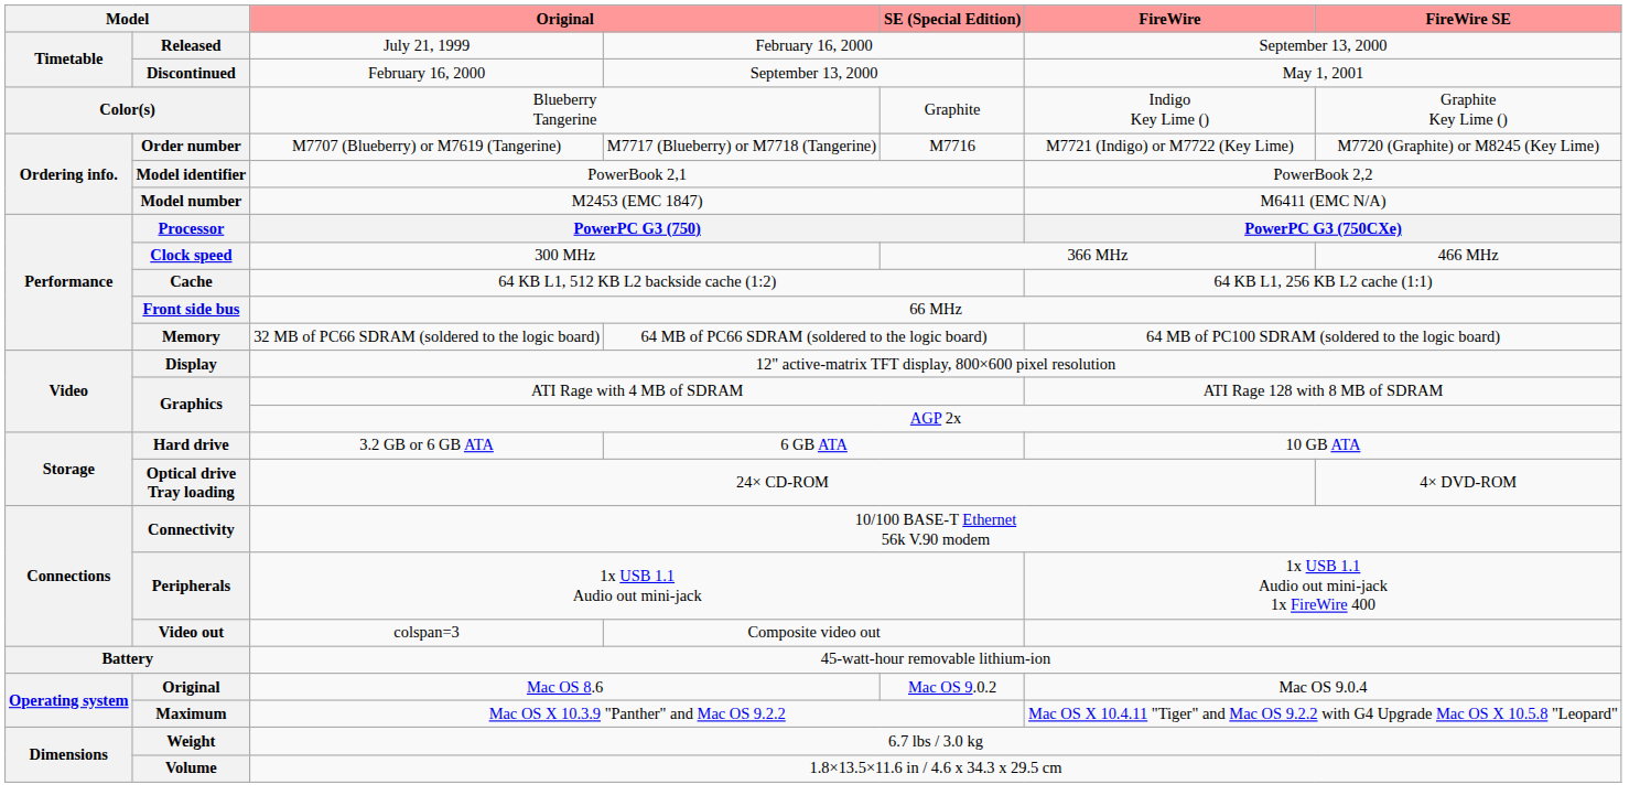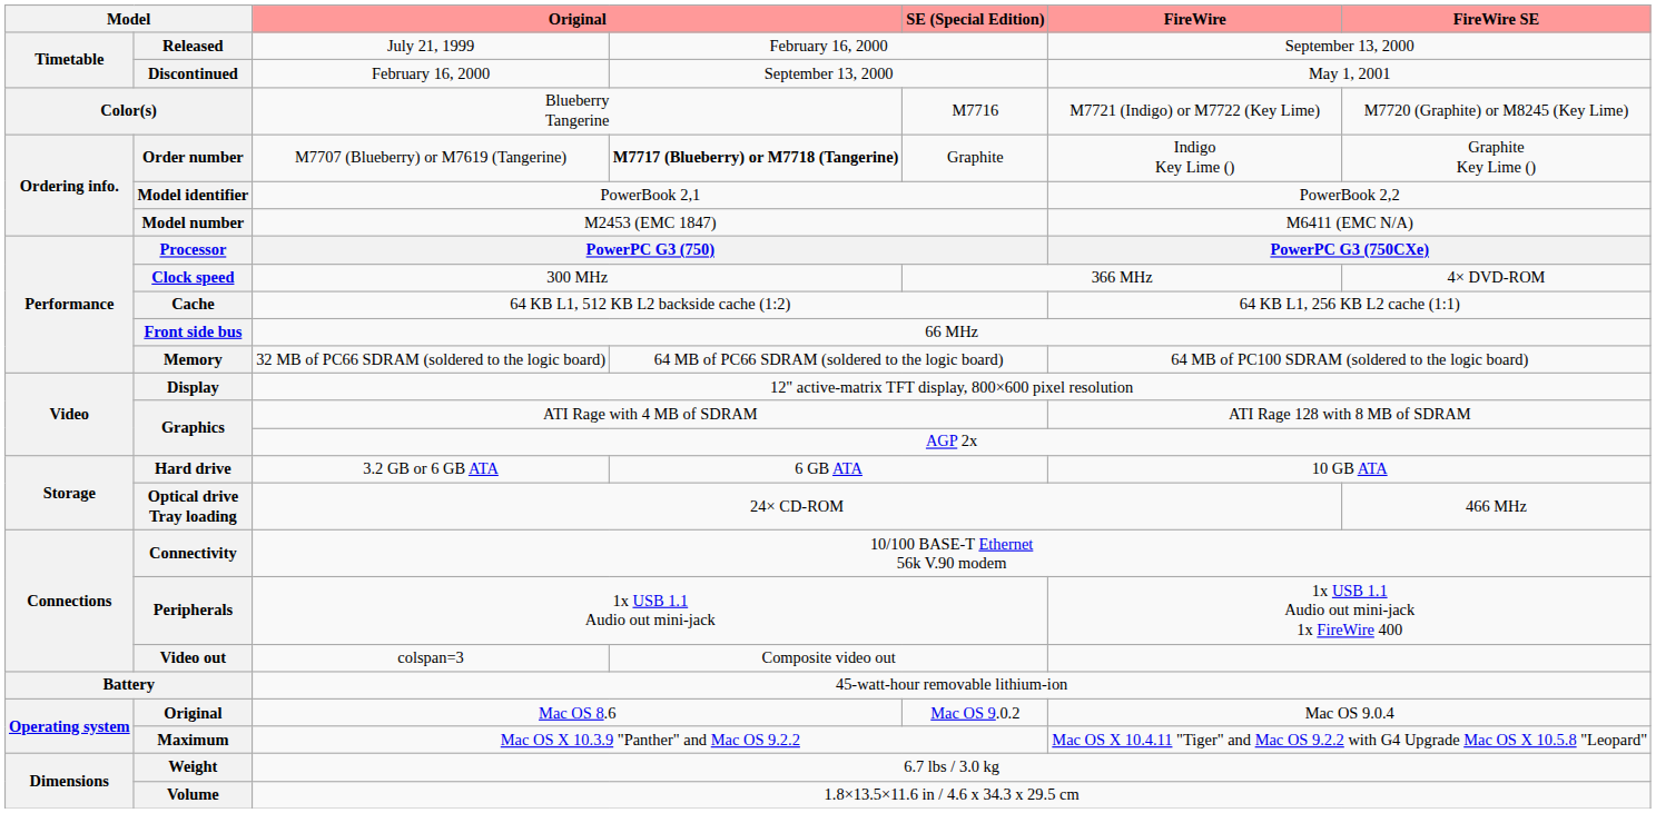 <table class="wikitable mw-collapsible" style="font-size:small; text-align:center">
 <tr>
 <th colspan=2>Model</th>
 <th colspan=2 style="background:#FF9999">Original</th>
 <th style="background:#FF9999">SE (Special Edition)</th>
 <th style="background:#FF9999">FireWire</th>
 <th style="background:#FF9999">FireWire SE</th>
 </tr>
 <tr>
 <th rowspan=2>Timetable</th>
 <th>Released</th>
 <td>July 21, 1999</td>
 <td colspan=2>February 16, 2000</td>
 <td colspan=2>September 13, 2000</td>
 </tr>
 <tr>
 <th>Discontinued</th>
 <td>February 16, 2000</td>
 <td colspan=2>September 13, 2000</td>
 <td colspan=3>May 1, 2001</td>
 </tr>
 <tr>
 <th colspan=2>Color(s)</th>
 <td colspan=2> Blueberry<br> Tangerine</td>
-<td> Graphite</td>
-<td> Indigo<br> Key Lime ()</td>
-<td> Graphite<br> Key Lime ()</td>
+<td>M7716</td>
+<td>M7721 (Indigo) or M7722 (Key Lime)</td>
+<td>M7720 (Graphite) or M8245 (Key Lime)</td>
 </tr>
 <tr>
 <th rowspan=3>Ordering info.</th>
 <th>Order number</th>
 <td>M7707 (Blueberry) or M7619 (Tangerine)</td>
-<td>M7717 (Blueberry) or M7718 (Tangerine)</td>
-<td>M7716</td>
-<td>M7721 (Indigo) or M7722 (Key Lime)</td>
-<td>M7720 (Graphite) or M8245 (Key Lime)</td>
+<td><strong>M7717 (Blueberry) or M7718 (Tangerine)</strong></td>
+<td> Graphite</td>
+<td> Indigo<br> Key Lime ()</td>
+<td> Graphite<br> Key Lime ()</td>
 </tr>
 <tr>
 <th>Model identifier</th>
 <td colspan=3>PowerBook 2,1</td>
 <td colspan=2>PowerBook 2,2</td>
 </tr>
 <tr>
 <th>Model number</th>
 <td colspan=3>M2453 (EMC 1847)</td>
 <td colspan=2>M6411 (EMC N/A)</td>
 </tr>
 <tr>
 <th rowspan=5>Performance</th>
 <th><a href='#'>Processor</a></th>
 <th colspan=3><a href='#'>PowerPC G3 (750)</a></th>
 <th colspan=2><a href='#'>PowerPC G3 (750CXe)</a></th>
 </tr>
 <tr>
 <th><a href='#'>Clock speed</a></th>
 <td colspan=2>300 MHz</td>
 <td colspan=2>366 MHz</td>
-<td>466 MHz</td>
+<td>4× DVD-ROM</td>
 </tr>
 <tr>
 <th>Cache</th>
 <td colspan=3>64 KB L1, 512 KB L2 backside cache (1:2)</td>
 <td colspan=2>64 KB L1, 256 KB L2 cache (1:1)</td>
 </tr>
 <tr>
 <th><a href='#'>Front side bus</a></th>
 <td colspan=5>66 MHz</td>
 </tr>
 <tr>
 <th>Memory</th>
 <td>32 MB of PC66 SDRAM (soldered to the logic board)<br></td>
 <td colspan=2>64 MB of PC66 SDRAM (soldered to the logic board)<br></td>
 <td colspan=2>64 MB of PC100 SDRAM (soldered to the logic board)<br></td>
 </tr>
 <tr>
 <th rowspan=3>Video</th>
 <th>Display</th>
 <td colspan=5>12" active-matrix TFT display, 800×600 pixel resolution</td>
 </tr>
 <tr>
 <th rowspan=2>Graphics</th>
 <td colspan=3>ATI Rage with 4 MB of SDRAM</td>
 <td colspan=2>ATI Rage 128 with 8 MB of SDRAM</td>
 </tr>
 <tr>
 <td colspan=5><a href='#'>AGP</a> 2x</td>
 </tr>
 <tr>
 <th rowspan=2>Storage</th>
 <th>Hard drive</th>
 <td>3.2 GB or 6 GB <a href='#'>ATA</a></td>
 <td colspan=2>6 GB <a href='#'>ATA</a></td>
 <td colspan=2>10 GB <a href='#'>ATA</a></td>
 </tr>
 <tr>
 <th>Optical drive<br>Tray loading</th>
 <td colspan=4>24× CD-ROM</td>
-<td>4× DVD-ROM</td>
+<td>466 MHz</td>
 </tr>
 <tr>
 <th rowspan=3>Connections</th>
 <th>Connectivity</th>
 <td colspan=5>10/100 BASE-T <a href='#'>Ethernet</a><br>56k V.90 modem<br></td>
 </tr>
 <tr>
 <th>Peripherals</th>
 <td colspan=3>1x <a href='#'>USB 1.1</a><br>Audio out mini-jack</td>
 <td colspan=2>1x <a href='#'>USB 1.1</a><br>Audio out mini-jack<br>1x <a href='#'>FireWire</a> 400</td>
 </tr>
 <tr>
 <th>Video out</th>
 <td>colspan=3 </td>
 <td colspan=2>Composite video out</td>
 </tr>
 <tr>
 <th colspan=2>Battery</th>
 <td colspan=5>45-watt-hour removable lithium-ion</td>
 </tr>
 <tr>
 <th rowspan=2><a href='#'>Operating system</a></th>
 <th>Original</th>
 <td colspan=2><a href='#'>Mac OS 8</a>.6</td>
 <td><a href='#'>Mac OS 9</a>.0.2</td>
 <td colspan=2>Mac OS 9.0.4</td>
 </tr>
 <tr>
 <th>Maximum</th>
 <td colspan=3><a href='#'>Mac OS X 10.3.9</a> "Panther" and <a href='#'>Mac OS 9.2.2</a><br></td>
 <td colspan=2><a href='#'>Mac OS X 10.4.11</a> "Tiger" and <a href='#'>Mac OS 9.2.2</a> with G4 Upgrade <a href='#'>Mac OS X 10.5.8</a> "Leopard"</td>
 </tr>
 <tr>
 <th rowspan=2>Dimensions</th>
 <th>Weight</th>
 <td colspan=5>6.7 lbs / 3.0 kg</td>
 </tr>
 <tr>
 <th>Volume</th>
 <td colspan=5>1.8×13.5×11.6 in / 4.6 x 34.3 x 29.5 cm</td>
 </tr>
 </table>
